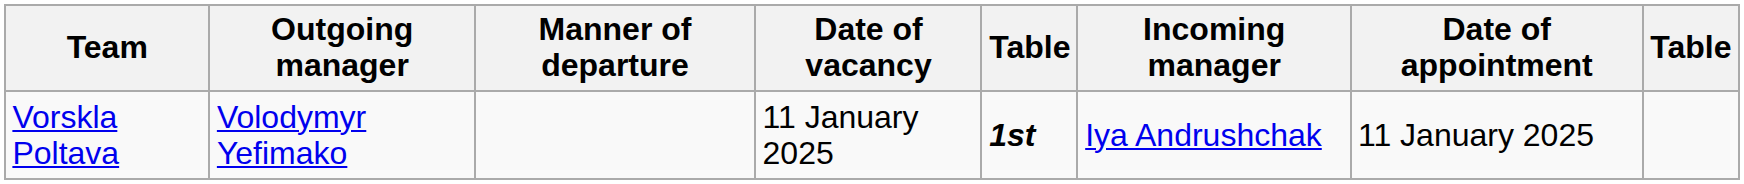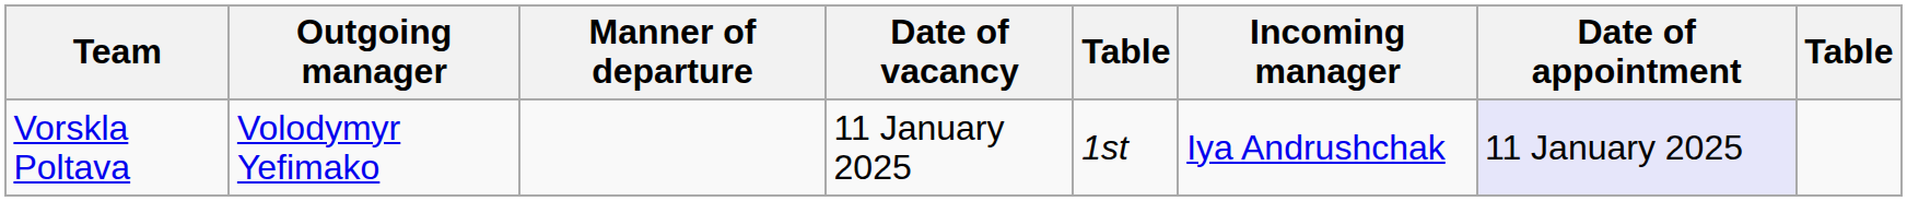 <table class="wikitable sortable">
 <tr>
 <th>Team</th>
 <th>Outgoing manager</th>
 <th>Manner of departure</th>
 <th>Date of vacancy</th>
 <th>Table</th>
 <th>Incoming manager</th>
 <th>Date of appointment</th>
 <th>Table</th>
 </tr>
 <tr>
 <td><a href='#'>Vorskla Poltava</a></td>
 <td> <a href='#'>Volodymyr Yefimako</a></td>
 <td></td>
 <td>11 January 2025</td>
-<td><strong><em>1st</em></strong></td>
+<td><em>1st</em></td>
 <td> <a href='#'>Iya Andrushchak</a></td>
-<td>11 January 2025</td>
+<td style="background: lavender;">11 January 2025</td>
 </tr>
 <tr>
 </tr>
 </table>
